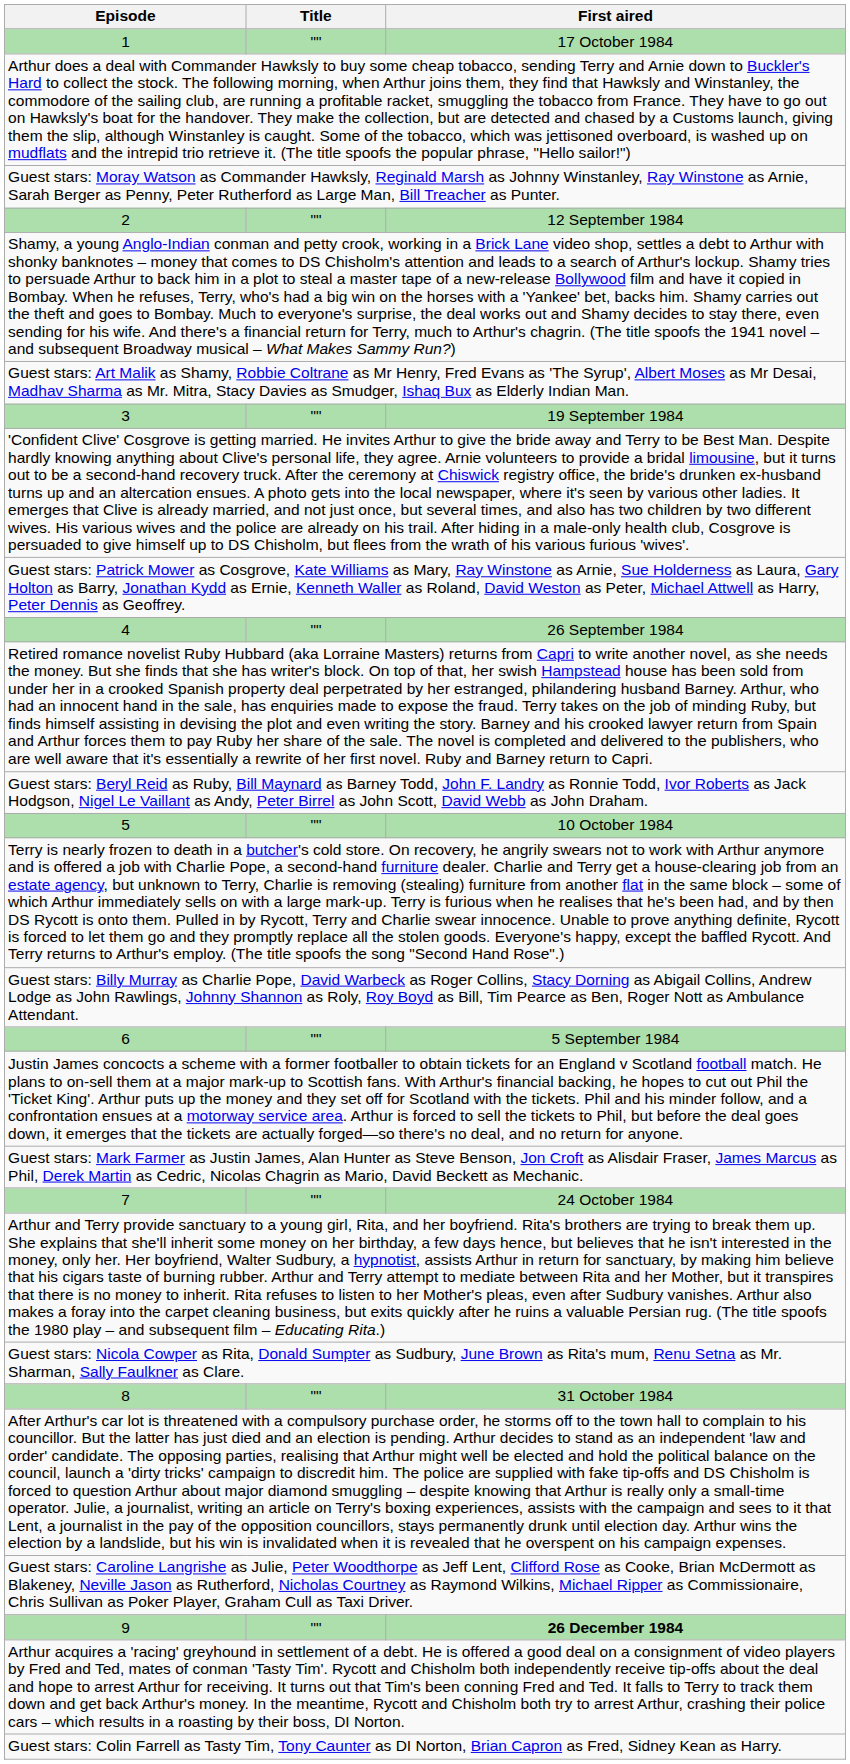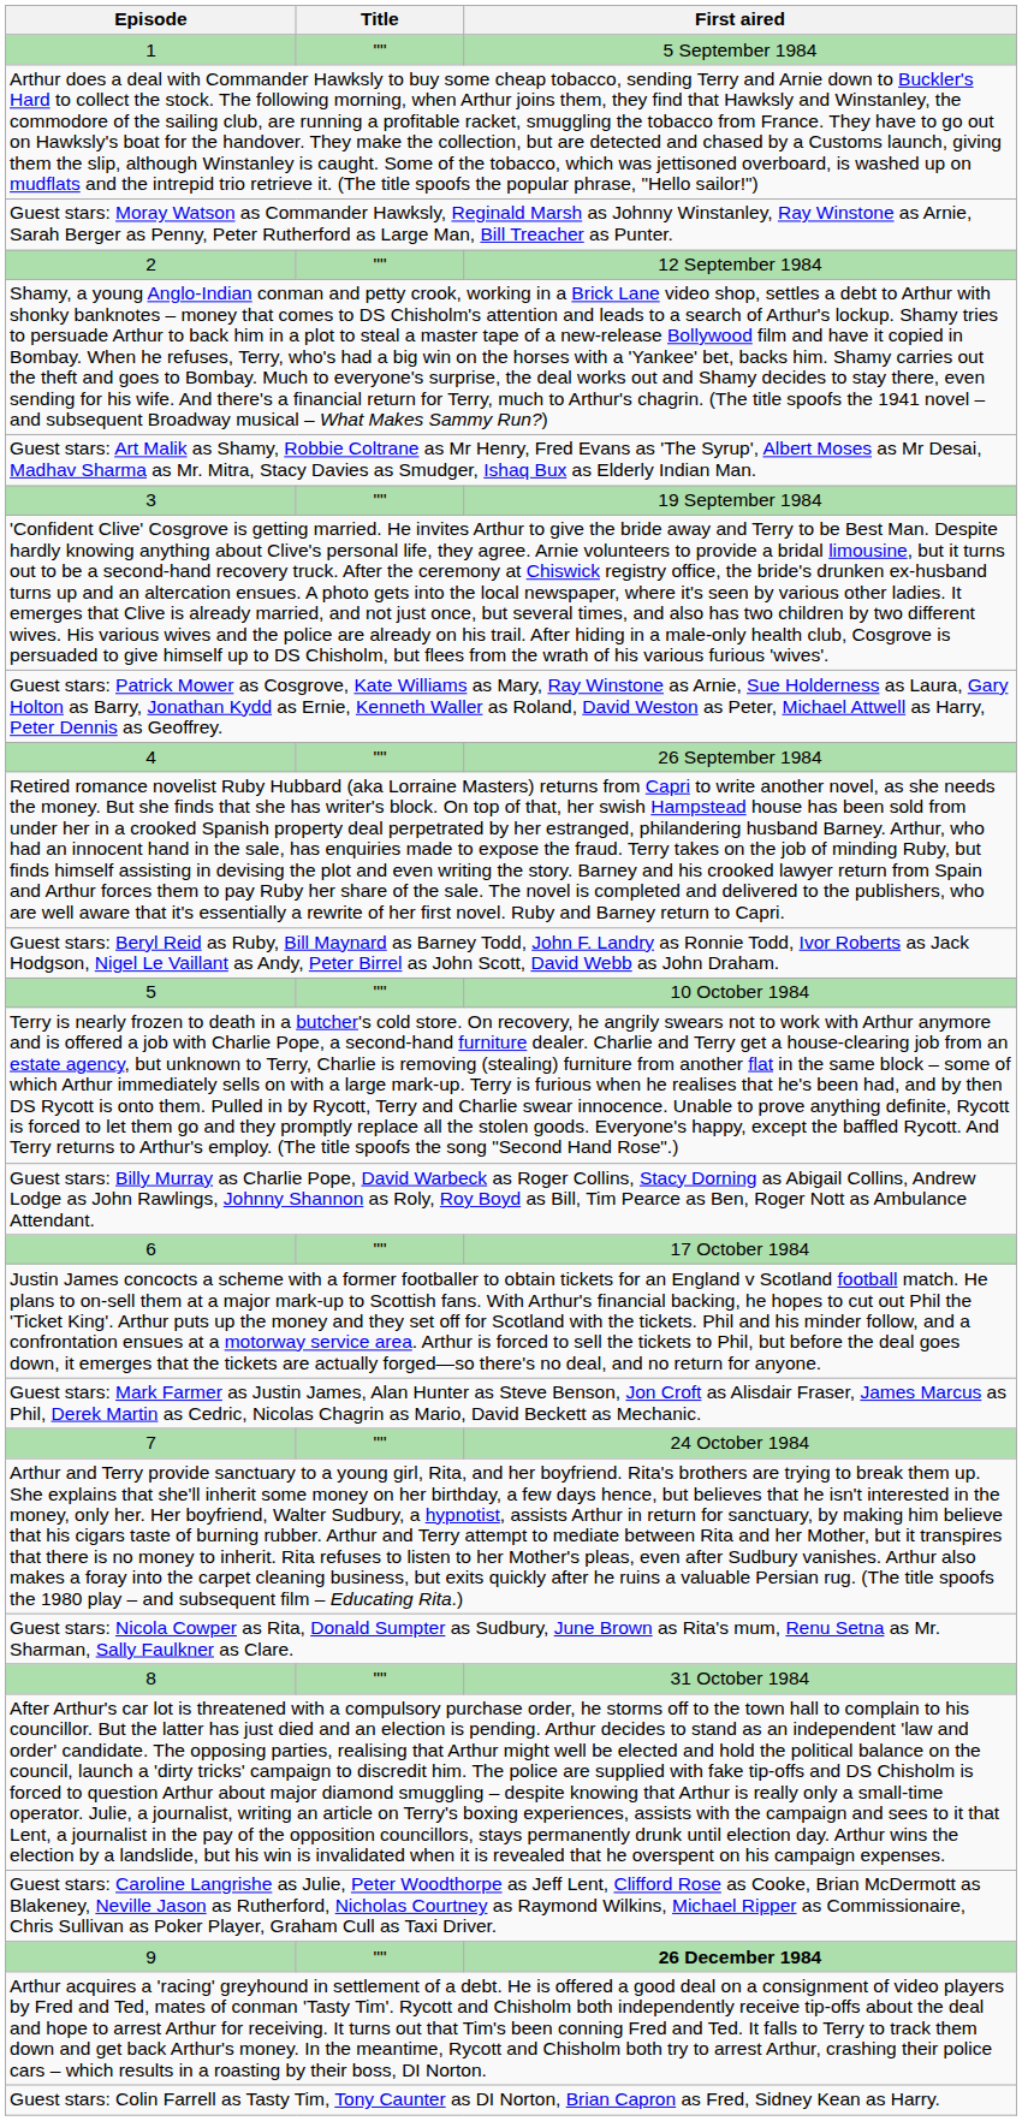 <table class="wikitable">
 <tr>
 <th>Episode</th>
 <th>Title</th>
 <th>First aired</th>
 </tr>
 <tr style="text-align:center; background:#addfad;">
 <td>1</td>
 <td>""</td>
-<td>17 October 1984</td>
+<td>5 September 1984</td>
 </tr>
 <tr>
 <td colspan="3">Arthur does a deal with Commander Hawksly to buy some cheap tobacco, sending Terry and Arnie down to <a href='#'>Buckler's Hard</a> to collect the stock. The following morning, when Arthur joins them, they find that Hawksly and Winstanley, the commodore of the sailing club, are running a profitable racket, smuggling the tobacco from France. They have to go out on Hawksly's boat for the handover. They make the collection, but are detected and chased by a Customs launch, giving them the slip, although Winstanley is caught. Some of the tobacco, which was jettisoned overboard, is washed up on <a href='#'>mudflats</a> and the intrepid trio retrieve it. (The title spoofs the popular phrase, "Hello sailor!")</td>
 </tr>
 <tr>
 <td colspan="3">Guest stars: <a href='#'>Moray Watson</a> as Commander Hawksly, <a href='#'>Reginald Marsh</a> as Johnny Winstanley, <a href='#'>Ray Winstone</a> as Arnie, Sarah Berger as Penny, Peter Rutherford as Large Man, <a href='#'>Bill Treacher</a> as Punter.</td>
 </tr>
 <tr style="text-align:center; background:#addfad;">
 <td>2</td>
 <td>""</td>
 <td>12 September 1984</td>
 </tr>
 <tr>
 <td colspan="3">Shamy, a young <a href='#'>Anglo-Indian</a> conman and petty crook, working in a <a href='#'>Brick Lane</a> video shop, settles a debt to Arthur with shonky banknotes – money that comes to DS Chisholm's attention and leads to a search of Arthur's lockup. Shamy tries to persuade Arthur to back him in a plot to steal a master tape of a new-release <a href='#'>Bollywood</a> film and have it copied in Bombay. When he refuses, Terry, who's had a big win on the horses with a 'Yankee' bet, backs him. Shamy carries out the theft and goes to Bombay. Much to everyone's surprise, the deal works out and Shamy decides to stay there, even sending for his wife. And there's a financial return for Terry, much to Arthur's chagrin. (The title spoofs the 1941 novel – and subsequent Broadway musical – <em>What Makes Sammy Run?</em>)</td>
 </tr>
 <tr>
 <td colspan="3">Guest stars: <a href='#'>Art Malik</a> as Shamy, <a href='#'>Robbie Coltrane</a> as Mr Henry, Fred Evans as 'The Syrup', <a href='#'>Albert Moses</a> as Mr Desai, <a href='#'>Madhav Sharma</a> as Mr. Mitra, Stacy Davies as Smudger, <a href='#'>Ishaq Bux</a> as Elderly Indian Man.</td>
 </tr>
 <tr style="text-align:center; background:#addfad;">
 <td>3</td>
 <td>""</td>
 <td>19 September 1984</td>
 </tr>
 <tr>
 <td colspan="3">'Confident Clive' Cosgrove is getting married. He invites Arthur to give the bride away and Terry to be Best Man. Despite hardly knowing anything about Clive's personal life, they agree. Arnie volunteers to provide a bridal <a href='#'>limousine</a>, but it turns out to be a second-hand recovery truck. After the ceremony at <a href='#'>Chiswick</a> registry office, the bride's drunken ex-husband turns up and an altercation ensues. A photo gets into the local newspaper, where it's seen by various other ladies. It emerges that Clive is already married, and not just once, but several times, and also has two children by two different wives. His various wives and the police are already on his trail. After hiding in a male-only health club, Cosgrove is persuaded to give himself up to DS Chisholm, but flees from the wrath of his various furious 'wives'.</td>
 </tr>
 <tr>
 <td colspan="3">Guest stars: <a href='#'>Patrick Mower</a> as Cosgrove, <a href='#'>Kate Williams</a> as Mary, <a href='#'>Ray Winstone</a> as Arnie, <a href='#'>Sue Holderness</a> as Laura, <a href='#'>Gary Holton</a> as Barry, <a href='#'>Jonathan Kydd</a> as Ernie, <a href='#'>Kenneth Waller</a> as Roland, <a href='#'>David Weston</a> as Peter, <a href='#'>Michael Attwell</a> as Harry, <a href='#'>Peter Dennis</a> as Geoffrey.</td>
 </tr>
 <tr style="text-align:center; background:#addfad;">
 <td>4</td>
 <td>""</td>
 <td>26 September 1984</td>
 </tr>
 <tr>
 <td colspan="3">Retired romance novelist Ruby Hubbard (aka Lorraine Masters) returns from <a href='#'>Capri</a> to write another novel, as she needs the money. But she finds that she has writer's block. On top of that, her swish <a href='#'>Hampstead</a> house has been sold from under her in a crooked Spanish property deal perpetrated by her estranged, philandering husband Barney. Arthur, who had an innocent hand in the sale, has enquiries made to expose the fraud. Terry takes on the job of minding Ruby, but finds himself assisting in devising the plot and even writing the story. Barney and his crooked lawyer return from Spain and Arthur forces them to pay Ruby her share of the sale. The novel is completed and delivered to the publishers, who are well aware that it's essentially a rewrite of her first novel. Ruby and Barney return to Capri.</td>
 </tr>
 <tr>
 <td colspan="3">Guest stars: <a href='#'>Beryl Reid</a> as Ruby, <a href='#'>Bill Maynard</a> as Barney Todd, <a href='#'>John F. Landry</a> as Ronnie Todd, <a href='#'>Ivor Roberts</a> as Jack Hodgson, <a href='#'>Nigel Le Vaillant</a> as Andy, <a href='#'>Peter Birrel</a> as John Scott, <a href='#'>David Webb</a> as John Draham.</td>
 </tr>
 <tr style="text-align:center; background:#addfad;">
 <td>5</td>
 <td>""</td>
 <td>10 October 1984</td>
 </tr>
 <tr>
 <td colspan="3">Terry is nearly frozen to death in a <a href='#'>butcher</a>'s cold store. On recovery, he angrily swears not to work with Arthur anymore and is offered a job with Charlie Pope, a second-hand <a href='#'>furniture</a> dealer. Charlie and Terry get a house-clearing job from an <a href='#'>estate agency</a>, but unknown to Terry, Charlie is removing (stealing) furniture from another <a href='#'>flat</a> in the same block – some of which Arthur immediately sells on with a large mark-up. Terry is furious when he realises that he's been had, and by then DS Rycott is onto them. Pulled in by Rycott, Terry and Charlie swear innocence. Unable to prove anything definite, Rycott is forced to let them go and they promptly replace all the stolen goods. Everyone's happy, except the baffled Rycott. And Terry returns to Arthur's employ. (The title spoofs the song "Second Hand Rose".)</td>
 </tr>
 <tr>
 <td colspan="3">Guest stars: <a href='#'>Billy Murray</a> as Charlie Pope, <a href='#'>David Warbeck</a> as Roger Collins, <a href='#'>Stacy Dorning</a> as Abigail Collins, Andrew Lodge as John Rawlings, <a href='#'>Johnny Shannon</a> as Roly, <a href='#'>Roy Boyd</a> as Bill, Tim Pearce as Ben, Roger Nott as Ambulance Attendant.</td>
 </tr>
 <tr style="text-align:center; background:#addfad;">
 <td>6</td>
 <td>""</td>
-<td>5 September 1984</td>
+<td>17 October 1984</td>
 </tr>
 <tr>
 <td colspan="3">Justin James concocts a scheme with a former footballer to obtain tickets for an England v Scotland <a href='#'>football</a> match. He plans to on-sell them at a major mark-up to Scottish fans. With Arthur's financial backing, he hopes to cut out Phil the 'Ticket King'. Arthur puts up the money and they set off for Scotland with the tickets. Phil and his minder follow, and a confrontation ensues at a <a href='#'>motorway service area</a>. Arthur is forced to sell the tickets to Phil, but before the deal goes down, it emerges that the tickets are actually forged—so there's no deal, and no return for anyone.</td>
 </tr>
 <tr>
 <td colspan="3">Guest stars: <a href='#'>Mark Farmer</a> as Justin James, Alan Hunter as Steve Benson, <a href='#'>Jon Croft</a> as Alisdair Fraser, <a href='#'>James Marcus</a> as Phil, <a href='#'>Derek Martin</a> as Cedric, Nicolas Chagrin as Mario, David Beckett as Mechanic.</td>
 </tr>
 <tr style="text-align:center; background:#addfad;">
 <td>7</td>
 <td>""</td>
 <td>24 October 1984</td>
 </tr>
 <tr>
 <td colspan="3">Arthur and Terry provide sanctuary to a young girl, Rita, and her boyfriend. Rita's brothers are trying to break them up. She explains that she'll inherit some money on her birthday, a few days hence, but believes that he isn't interested in the money, only her. Her boyfriend, Walter Sudbury, a <a href='#'>hypnotist</a>, assists Arthur in return for sanctuary, by making him believe that his cigars taste of burning rubber. Arthur and Terry attempt to mediate between Rita and her Mother, but it transpires that there is no money to inherit. Rita refuses to listen to her Mother's pleas, even after Sudbury vanishes. Arthur also makes a foray into the carpet cleaning business, but exits quickly after he ruins a valuable Persian rug. (The title spoofs the 1980 play – and subsequent film – <em>Educating Rita</em>.)</td>
 </tr>
 <tr>
 <td colspan="3">Guest stars: <a href='#'>Nicola Cowper</a> as Rita, <a href='#'>Donald Sumpter</a> as Sudbury, <a href='#'>June Brown</a> as Rita's mum, <a href='#'>Renu Setna</a> as Mr. Sharman, <a href='#'>Sally Faulkner</a> as Clare.</td>
 </tr>
 <tr style="text-align:center; background:#addfad;">
 <td>8</td>
 <td>""</td>
 <td>31 October 1984</td>
 </tr>
 <tr>
 <td colspan="3">After Arthur's car lot is threatened with a compulsory purchase order, he storms off to the town hall to complain to his councillor. But the latter has just died and an election is pending. Arthur decides to stand as an independent 'law and order' candidate. The opposing parties, realising that Arthur might well be elected and hold the political balance on the council, launch a 'dirty tricks' campaign to discredit him. The police are supplied with fake tip-offs and DS Chisholm is forced to question Arthur about major diamond smuggling – despite knowing that Arthur is really only a small-time operator. Julie, a journalist, writing an article on Terry's boxing experiences, assists with the campaign and sees to it that Lent, a journalist in the pay of the opposition councillors, stays permanently drunk until election day. Arthur wins the election by a landslide, but his win is invalidated when it is revealed that he overspent on his campaign expenses.</td>
 </tr>
 <tr>
 <td colspan="3">Guest stars: <a href='#'>Caroline Langrishe</a> as Julie, <a href='#'>Peter Woodthorpe</a> as Jeff Lent, <a href='#'>Clifford Rose</a> as Cooke, Brian McDermott as Blakeney, <a href='#'>Neville Jason</a> as Rutherford, <a href='#'>Nicholas Courtney</a> as Raymond Wilkins, <a href='#'>Michael Ripper</a> as Commissionaire, Chris Sullivan as Poker Player, Graham Cull as Taxi Driver.</td>
 </tr>
 <tr style="text-align:center; background:#addfad;">
 <td>9</td>
 <td>""</td>
 <td><strong>26 December 1984</strong></td>
 </tr>
 <tr>
 <td colspan="3">Arthur acquires a 'racing' greyhound in settlement of a debt. He is offered a good deal on a consignment of video players by Fred and Ted, mates of conman 'Tasty Tim'. Rycott and Chisholm both independently receive tip-offs about the deal and hope to arrest Arthur for receiving. It turns out that Tim's been conning Fred and Ted. It falls to Terry to track them down and get back Arthur's money. In the meantime, Rycott and Chisholm both try to arrest Arthur, crashing their police cars – which results in a roasting by their boss, DI Norton.</td>
 </tr>
 <tr>
 <td colspan="3">Guest stars: Colin Farrell as Tasty Tim, <a href='#'>Tony Caunter</a> as DI Norton, <a href='#'>Brian Capron</a> as Fred, Sidney Kean as Harry.</td>
 </tr>
 </table>
